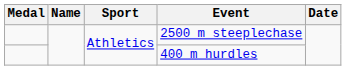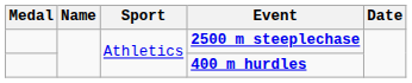 <table class="wikitable sortable" style=font-size:95%>
 <tr>
 <th>Medal</th>
 <th>Name</th>
 <th>Sport</th>
 <th>Event</th>
 <th>Date</th>
 </tr>
 <tr>
 <td></td>
 <td rowspan="2"></td>
 <td rowspan="2"><a href='#'>Athletics</a></td>
-<td><a href='#'>2500 m steeplechase</a></td>
+<td><strong><a href='#'>2500 m steeplechase</a></strong></td>
 <td rowspan="2"></td>
 </tr>
 <tr>
 <td></td>
-<td><a href='#'>400 m hurdles</a></td>
+<td><strong><a href='#'>400 m hurdles</a></strong></td>
 </tr>
 </table>
